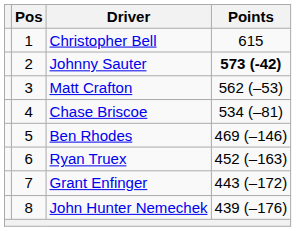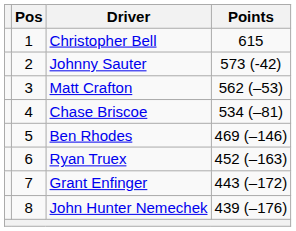 <table class="wikitable" style="font-size: 95%;">
 <tr>
 <th></th>
 <th>Pos</th>
 <th>Driver</th>
 <th>Points</th>
 </tr>
 <tr>
 <td align="left"></td>
 <td style="text-align:center;">1</td>
 <td><a href='#'>Christopher Bell</a></td>
 <td style="text-align:center;">615</td>
 </tr>
 <tr>
 <td align="left"></td>
 <td style="text-align:center;">2</td>
 <td><a href='#'>Johnny Sauter</a></td>
-<td style="text-align:center;"><strong>573 (-42)</strong></td>
+<td style="text-align:center;">573 (-42)</td>
 </tr>
 <tr>
 <td align="left"></td>
 <td style="text-align:center;">3</td>
 <td><a href='#'>Matt Crafton</a></td>
 <td style="text-align:center;">562 (–53)</td>
 </tr>
 <tr>
 <td align="left"></td>
 <td style="text-align:center;">4</td>
 <td><a href='#'>Chase Briscoe</a></td>
 <td style="text-align:center;">534 (–81)</td>
 </tr>
 <tr>
 <td align="left"></td>
 <td style="text-align:center;">5</td>
 <td><a href='#'>Ben Rhodes</a></td>
 <td style="text-align:center;">469 (–146)</td>
 </tr>
 <tr>
 <td align="left"></td>
 <td style="text-align:center;">6</td>
 <td><a href='#'>Ryan Truex</a></td>
 <td style="text-align:center;">452 (–163)</td>
 </tr>
 <tr>
 <td align="left"></td>
 <td style="text-align:center;">7</td>
 <td><a href='#'>Grant Enfinger</a></td>
 <td style="text-align:center;">443 (–172)</td>
 </tr>
 <tr>
 <td align="left"></td>
 <td style="text-align:center;">8</td>
 <td><a href='#'>John Hunter Nemechek</a></td>
 <td style="text-align:center;">439 (–176)</td>
 </tr>
 <tr class="sortbottom">
 <th colspan="9"></th>
 </tr>
 </table>
